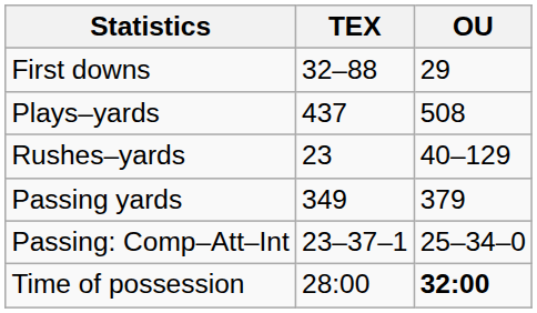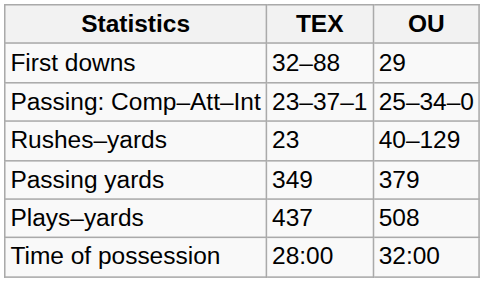 <table class="wikitable">
 <tr>
 <th>Statistics</th>
 <th>TEX</th>
 <th>OU</th>
 </tr>
 <tr>
 <td>First downs</td>
 <td>32–88</td>
 <td>29</td>
 </tr>
 <tr>
-<td>Plays–yards</td>
-<td>437</td>
-<td>508</td>
+<td>Passing: Comp–Att–Int</td>
+<td>23–37–1</td>
+<td>25–34–0</td>
 </tr>
 <tr>
 <td>Rushes–yards</td>
 <td>23</td>
 <td>40–129</td>
 </tr>
 <tr>
 <td>Passing yards</td>
 <td>349</td>
 <td>379</td>
 </tr>
 <tr>
-<td>Passing: Comp–Att–Int</td>
-<td>23–37–1</td>
-<td>25–34–0</td>
+<td>Plays–yards</td>
+<td>437</td>
+<td>508</td>
 </tr>
 <tr>
 <td>Time of possession</td>
 <td>28:00</td>
-<td><strong>32:00</strong></td>
+<td>32:00</td>
 </tr>
 </table>
